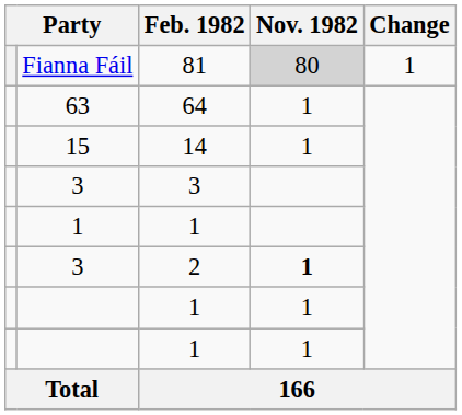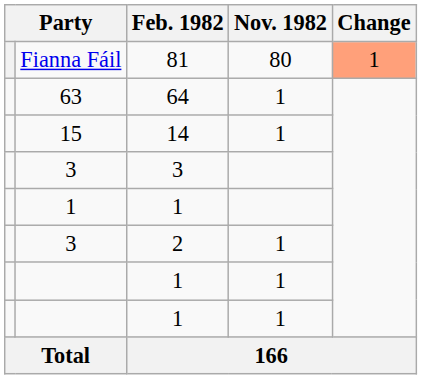 <table class="wikitable sortable" style="font-size: 95%;">
 <tr>
 <th colspan=2>Party</th>
 <th>Feb. 1982</th>
 <th>Nov. 1982</th>
 <th class="unsortable">Change</th>
 </tr>
 <tr>
 <th style="background-color: "></th>
 <td><a href='#'>Fianna Fáil</a></td>
 <td align="center">81</td>
-<td align="center" style="background: lightgrey;">80</td>
-<td align="center"> 1</td>
+<td align="center">80</td>
+<td align="center" style="background: lightsalmon;"> 1</td>
 </tr>
 <tr>
 <td></td>
 <td align="center">63</td>
 <td align="center">64</td>
 <td align="center"> 1</td>
 </tr>
 <tr>
 <td></td>
 <td align="center">15</td>
 <td align="center">14</td>
 <td align="center"> 1</td>
 </tr>
 <tr>
 <td></td>
 <td align="center">3</td>
 <td align="center">3</td>
 <td align="center"></td>
 </tr>
 <tr>
 <td></td>
 <td align="center">1</td>
 <td align="center">1</td>
 <td align="center"></td>
 </tr>
 <tr>
 <td></td>
 <td align="center">3</td>
 <td align="center">2</td>
-<td align="center"><strong> 1</strong></td>
+<td align="center"> 1</td>
 </tr>
 <tr>
 <td></td>
 <td></td>
 <td align="center">1</td>
 <td align="center"> 1</td>
 </tr>
 <tr>
 <td></td>
 <td></td>
 <td align="center">1</td>
 <td align="center"> 1</td>
 </tr>
 <tr>
 <th colspan="2">Total</th>
 <th colspan="3" align="center">166</th>
 </tr>
 </table>
